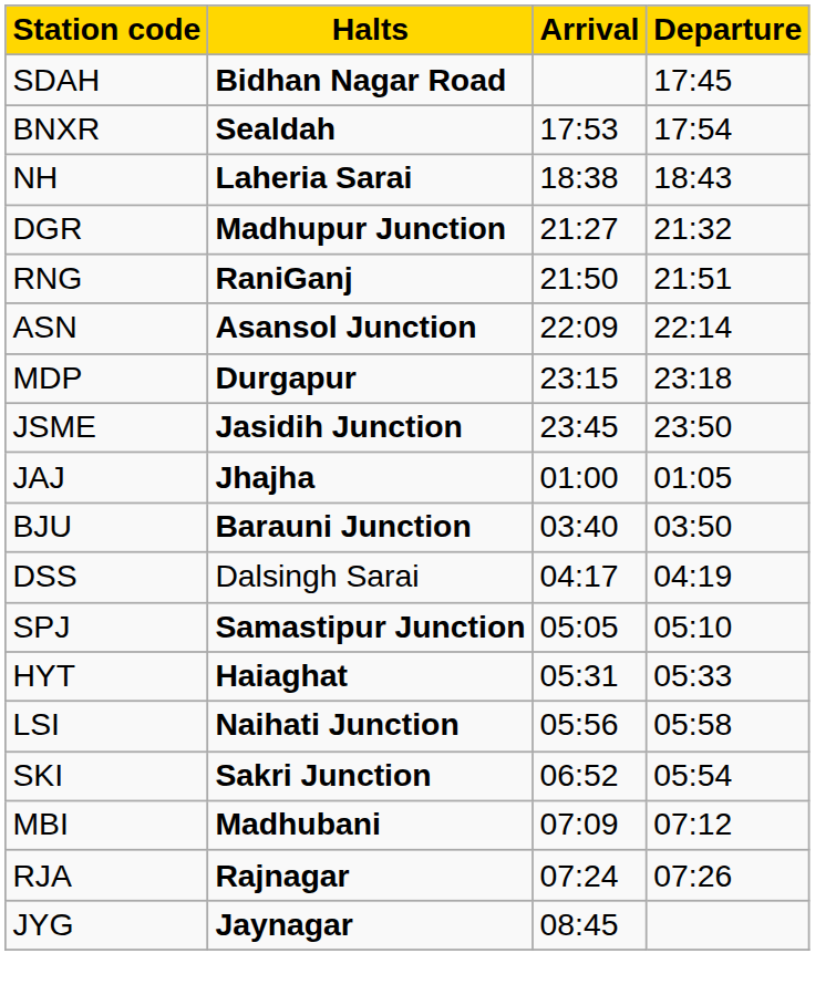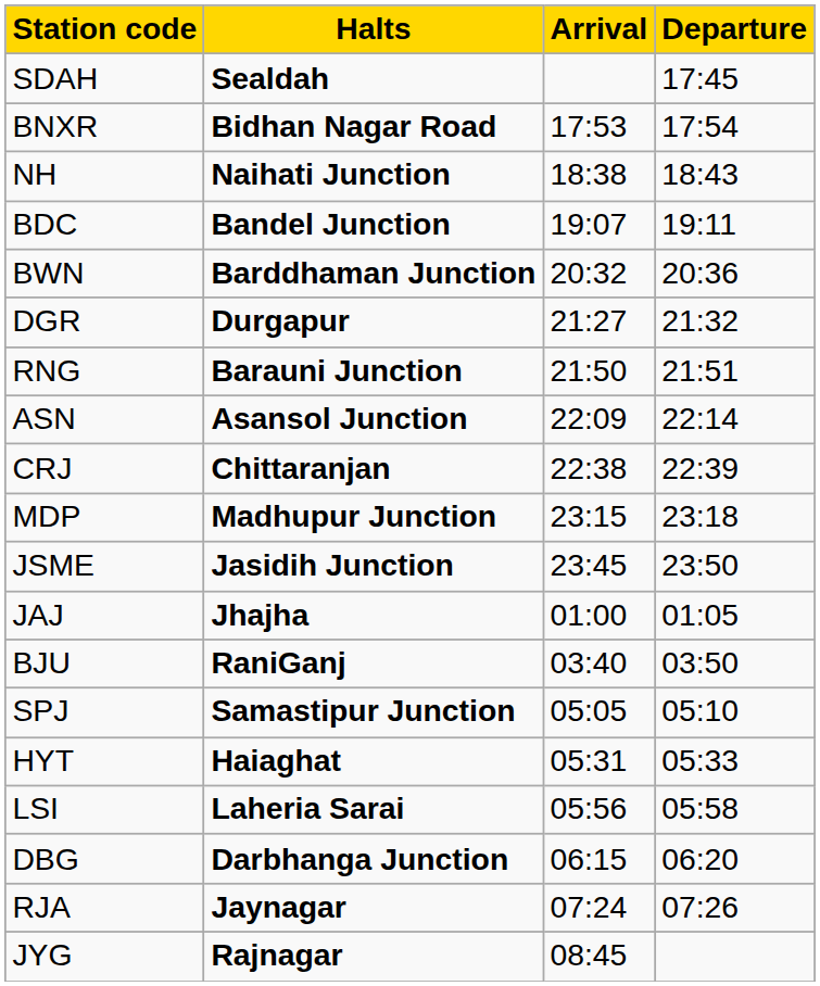 <table class="wikitable">
 <tr>
 <th style="background:gold;">Station code</th>
 <th ! style="background:gold;">Halts</th>
 <th ! style="background:gold;">Arrival</th>
 <th ! style="background:gold;">Departure</th>
 </tr>
 <tr>
 <td>SDAH</td>
-<td><strong>Bidhan Nagar Road</strong></td>
+<td><strong>Sealdah</strong></td>
 <td></td>
 <td>17:45</td>
 </tr>
 <tr>
 <td>BNXR</td>
-<td><strong>Sealdah</strong></td>
+<td><strong>Bidhan Nagar Road</strong></td>
 <td>17:53</td>
 <td>17:54</td>
 </tr>
 <tr>
 <td>NH</td>
-<td><strong>Laheria Sarai</strong></td>
+<td><strong>Naihati Junction</strong></td>
 <td>18:38</td>
 <td>18:43</td>
 </tr>
 <tr>
+<td>BDC</td>
+<td><strong>Bandel Junction</strong></td>
+<td>19:07</td>
+<td>19:11</td>
+</tr>
+<tr>
+<td>BWN</td>
+<td><strong>Barddhaman Junction</strong></td>
+<td>20:32</td>
+<td>20:36</td>
+</tr>
+<tr>
 <td>DGR</td>
-<td><strong>Madhupur Junction </strong></td>
+<td><strong>Durgapur</strong></td>
 <td>21:27</td>
 <td>21:32</td>
 </tr>
 <tr>
 <td>RNG</td>
-<td><strong>RaniGanj</strong></td>
+<td><strong>Barauni Junction</strong></td>
 <td>21:50</td>
 <td>21:51</td>
 </tr>
 <tr>
 <td>ASN</td>
 <td><strong>Asansol Junction</strong></td>
 <td>22:09</td>
 <td>22:14</td>
 </tr>
 <tr>
+<td>CRJ</td>
+<td><strong>Chittaranjan</strong></td>
+<td>22:38</td>
+<td>22:39</td>
+</tr>
+<tr>
 <td>MDP</td>
-<td><strong>Durgapur</strong></td>
+<td><strong>Madhupur Junction </strong></td>
 <td>23:15</td>
 <td>23:18</td>
 </tr>
 <tr>
 <td>JSME</td>
 <td><strong>Jasidih Junction</strong></td>
 <td>23:45</td>
 <td>23:50</td>
 </tr>
 <tr>
 <td>JAJ</td>
 <td><strong>Jhajha</strong></td>
 <td>01:00</td>
 <td>01:05</td>
 </tr>
 <tr>
 <td>BJU</td>
-<td><strong>Barauni Junction</strong></td>
+<td><strong>RaniGanj</strong></td>
 <td>03:40</td>
 <td>03:50</td>
-</tr>
-<tr>
-<td>DSS</td>
-<td>Dalsingh Sarai</td>
-<td>04:17</td>
-<td>04:19</td>
 </tr>
 <tr>
 <td>SPJ</td>
 <td><strong>Samastipur Junction</strong></td>
 <td>05:05</td>
 <td>05:10</td>
 </tr>
 <tr>
 <td>HYT</td>
 <td><strong>Haiaghat</strong></td>
 <td>05:31</td>
 <td>05:33</td>
 </tr>
 <tr>
 <td>LSI</td>
-<td><strong>Naihati Junction</strong></td>
+<td><strong>Laheria Sarai</strong></td>
 <td>05:56</td>
 <td>05:58</td>
 </tr>
 <tr>
-<td>SKI</td>
-<td><strong>Sakri Junction</strong></td>
-<td>06:52</td>
-<td>05:54</td>
-</tr>
-<tr>
-<td>MBI</td>
-<td><strong>Madhubani</strong></td>
-<td>07:09</td>
-<td>07:12</td>
+<td>DBG</td>
+<td><strong>Darbhanga Junction</strong></td>
+<td>06:15</td>
+<td>06:20</td>
 </tr>
 <tr>
 <td>RJA</td>
-<td><strong>Rajnagar</strong></td>
+<td><strong>Jaynagar</strong></td>
 <td>07:24</td>
 <td>07:26</td>
 </tr>
 <tr>
 <td>JYG</td>
-<td><strong>Jaynagar</strong></td>
+<td><strong>Rajnagar</strong></td>
 <td>08:45</td>
 <td></td>
 </tr>
 </table>
